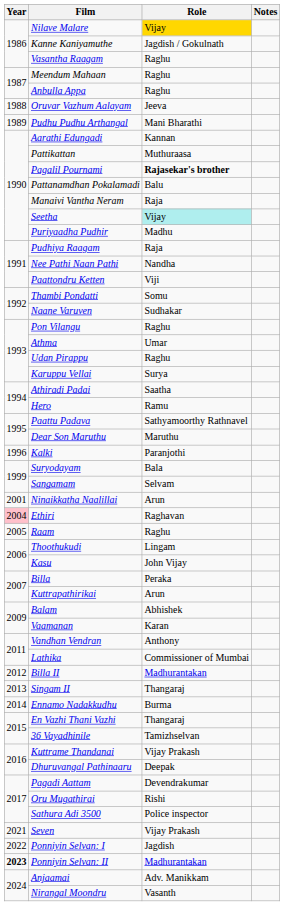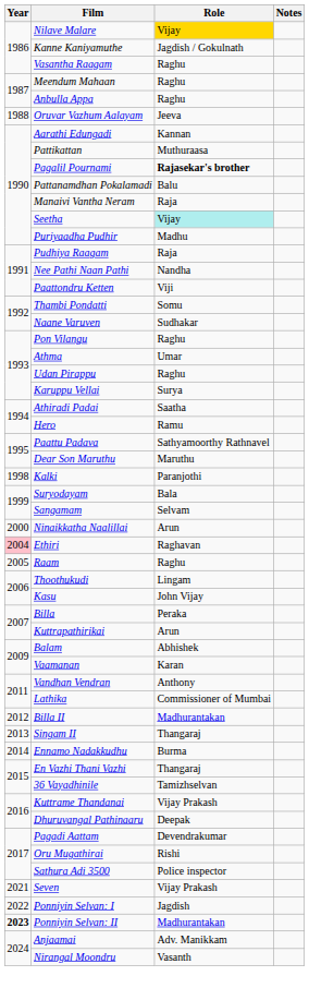 <table class="wikitable sortable">
 <tr style="background:#ccc; text-align:center;">
 <th scope="col">Year</th>
 <th scope="col">Film</th>
 <th scope="col">Role</th>
 <th scope="col" class="unsortable">Notes</th>
 </tr>
 <tr>
 <td rowspan="3">1986</td>
 <td><em><a href='#'>Nilave Malare</a></em></td>
 <td style="background: gold;">Vijay</td>
 <td></td>
 </tr>
 <tr>
 <td><em>Kanne Kaniyamuthe</em></td>
 <td>Jagdish / Gokulnath</td>
 <td></td>
 </tr>
 <tr>
 <td><em><a href='#'>Vasantha Raagam</a></em></td>
 <td>Raghu</td>
 <td></td>
 </tr>
 <tr>
 <td rowspan="2">1987</td>
 <td><em>Meendum Mahaan</em></td>
 <td>Raghu</td>
 <td></td>
 </tr>
 <tr>
 <td><em><a href='#'>Anbulla Appa</a></em></td>
 <td>Raghu</td>
 <td></td>
 </tr>
 <tr>
 <td rowspan="1">1988</td>
 <td><em><a href='#'>Oruvar Vazhum Aalayam</a></em></td>
 <td>Jeeva</td>
-<td></td>
-</tr>
-<tr>
-<td rowspan="1">1989</td>
-<td><em><a href='#'>Pudhu Pudhu Arthangal</a></em></td>
-<td>Mani Bharathi</td>
 <td></td>
 </tr>
 <tr>
 <td rowspan="7">1990</td>
 <td><em><a href='#'>Aarathi Edungadi</a></em></td>
 <td>Kannan</td>
 <td></td>
 </tr>
 <tr>
 <td><em>Pattikattan</em></td>
 <td>Muthuraasa</td>
 <td></td>
 </tr>
 <tr>
 <td><em><a href='#'>Pagalil Pournami</a></em></td>
 <td><strong>Rajasekar's brother</strong></td>
 <td></td>
 </tr>
 <tr>
 <td><em>Pattanamdhan Pokalamadi</em></td>
 <td>Balu</td>
 <td></td>
 </tr>
 <tr>
 <td><em>Manaivi Vantha Neram</em></td>
 <td>Raja</td>
 <td></td>
 </tr>
 <tr>
 <td><em><a href='#'>Seetha</a></em></td>
 <td style="background: paleturquoise;">Vijay</td>
 <td></td>
 </tr>
 <tr>
 <td><em><a href='#'>Puriyaadha Pudhir</a></em></td>
 <td>Madhu</td>
 <td></td>
 </tr>
 <tr>
 <td rowspan="3">1991</td>
 <td><em><a href='#'>Pudhiya Raagam</a></em></td>
 <td>Raja</td>
 <td></td>
 </tr>
 <tr>
 <td><em><a href='#'>Nee Pathi Naan Pathi</a></em></td>
 <td>Nandha</td>
 <td></td>
 </tr>
 <tr>
 <td><em><a href='#'>Paattondru Ketten</a></em></td>
 <td>Viji</td>
 <td></td>
 </tr>
 <tr>
 <td rowspan="2">1992</td>
 <td><em><a href='#'>Thambi Pondatti</a></em></td>
 <td>Somu</td>
 <td></td>
 </tr>
 <tr>
 <td><em><a href='#'>Naane Varuven</a></em></td>
 <td>Sudhakar</td>
 <td></td>
 </tr>
 <tr>
 <td rowspan="4">1993</td>
 <td><em><a href='#'>Pon Vilangu</a></em></td>
 <td>Raghu</td>
 <td></td>
 </tr>
 <tr>
 <td><em><a href='#'>Athma</a></em></td>
 <td>Umar</td>
 <td></td>
 </tr>
 <tr>
 <td><em><a href='#'>Udan Pirappu</a></em></td>
 <td>Raghu</td>
 <td></td>
 </tr>
 <tr>
 <td><em><a href='#'>Karuppu Vellai</a></em></td>
 <td>Surya</td>
 <td></td>
 </tr>
 <tr>
 <td rowspan="2">1994</td>
 <td><em><a href='#'>Athiradi Padai</a></em></td>
 <td>Saatha</td>
 <td></td>
 </tr>
 <tr>
 <td><em><a href='#'>Hero</a></em></td>
 <td>Ramu</td>
 <td></td>
 </tr>
 <tr>
 <td rowspan="2">1995</td>
 <td><em><a href='#'>Paattu Padava</a></em></td>
 <td>Sathyamoorthy Rathnavel</td>
 <td></td>
 </tr>
 <tr>
 <td><em><a href='#'>Dear Son Maruthu</a></em></td>
 <td>Maruthu</td>
 <td></td>
 </tr>
 <tr>
-<td rowspan="1">1996</td>
+<td rowspan="1">1998</td>
 <td><em><a href='#'>Kalki</a></em></td>
 <td>Paranjothi</td>
 <td></td>
 </tr>
 <tr>
 <td rowspan="2">1999</td>
 <td><em><a href='#'>Suryodayam</a></em></td>
 <td>Bala</td>
 <td></td>
 </tr>
 <tr>
 <td><em><a href='#'>Sangamam</a></em></td>
 <td>Selvam</td>
 <td></td>
 </tr>
 <tr>
-<td rowspan="1">2001</td>
+<td rowspan="1">2000</td>
 <td><em><a href='#'>Ninaikkatha Naalillai</a></em></td>
 <td>Arun</td>
 <td></td>
 </tr>
 <tr>
 <td rowspan="1" style="background: pink;">2004</td>
 <td><em><a href='#'>Ethiri</a></em></td>
 <td>Raghavan</td>
 <td></td>
 </tr>
 <tr>
 <td rowspan="1">2005</td>
 <td><em><a href='#'>Raam</a></em></td>
 <td>Raghu</td>
 <td></td>
 </tr>
 <tr>
 <td rowspan="2">2006</td>
 <td><em><a href='#'>Thoothukudi</a></em></td>
 <td>Lingam</td>
 <td></td>
 </tr>
 <tr>
 <td><em><a href='#'>Kasu</a></em></td>
 <td>John Vijay</td>
 <td></td>
 </tr>
 <tr>
 <td rowspan="2">2007</td>
 <td><em><a href='#'>Billa</a></em></td>
 <td>Peraka</td>
 <td></td>
 </tr>
 <tr>
 <td><em><a href='#'>Kuttrapathirikai</a></em></td>
 <td>Arun</td>
 <td></td>
 </tr>
 <tr>
 <td rowspan="2">2009</td>
 <td><em><a href='#'>Balam</a></em></td>
 <td>Abhishek</td>
 <td></td>
 </tr>
 <tr>
 <td><em><a href='#'>Vaamanan</a></em></td>
 <td>Karan</td>
 <td></td>
 </tr>
 <tr>
 <td rowspan="2">2011</td>
 <td><em><a href='#'>Vandhan Vendran</a></em></td>
 <td>Anthony</td>
 <td></td>
 </tr>
 <tr>
 <td><em><a href='#'>Lathika</a></em></td>
 <td>Commissioner of Mumbai</td>
 <td></td>
 </tr>
 <tr>
 <td rowspan="1">2012</td>
 <td><em><a href='#'>Billa II</a></em></td>
 <td><a href='#'>Madhurantakan</a></td>
 <td></td>
 </tr>
 <tr>
 <td rowspan="1">2013</td>
 <td><em><a href='#'>Singam II</a></em></td>
 <td>Thangaraj</td>
 <td></td>
 </tr>
 <tr>
 <td rowspan="1">2014</td>
 <td><em><a href='#'>Ennamo Nadakkudhu</a></em></td>
 <td>Burma</td>
 <td></td>
 </tr>
 <tr>
 <td rowspan="2">2015</td>
 <td><em><a href='#'>En Vazhi Thani Vazhi</a></em></td>
 <td>Thangaraj</td>
 <td></td>
 </tr>
 <tr>
 <td><em><a href='#'>36 Vayadhinile</a></em></td>
 <td>Tamizhselvan</td>
 <td></td>
 </tr>
 <tr>
 <td rowspan="2">2016</td>
 <td><em><a href='#'>Kuttrame Thandanai</a></em></td>
 <td>Vijay Prakash</td>
 <td></td>
 </tr>
 <tr>
 <td><em><a href='#'>Dhuruvangal Pathinaaru</a></em></td>
 <td>Deepak</td>
 <td></td>
 </tr>
 <tr>
 <td rowspan="3">2017</td>
 <td><em><a href='#'>Pagadi Aattam</a></em></td>
 <td>Devendrakumar</td>
 <td></td>
 </tr>
 <tr>
 <td><em><a href='#'>Oru Mugathirai</a></em></td>
 <td>Rishi</td>
 <td></td>
 </tr>
 <tr>
 <td><em><a href='#'>Sathura Adi 3500</a></em></td>
 <td>Police inspector</td>
 <td></td>
 </tr>
 <tr>
 <td>2021</td>
 <td><em><a href='#'>Seven</a></em></td>
 <td>Vijay Prakash</td>
 <td></td>
 </tr>
 <tr>
 <td>2022</td>
 <td><em><a href='#'>Ponniyin Selvan: I</a></em></td>
 <td>Jagdish</td>
 <td></td>
 </tr>
 <tr>
 <td><strong>2023</strong></td>
 <td><em><a href='#'>Ponniyin Selvan: II</a></em></td>
 <td><a href='#'>Madhurantakan</a></td>
 <td></td>
 </tr>
 <tr>
 <td rowspan="2">2024</td>
 <td><em><a href='#'>Anjaamai</a></em></td>
 <td>Adv. Manikkam</td>
 <td></td>
 </tr>
 <tr>
 <td><em><a href='#'>Nirangal Moondru</a></em></td>
 <td>Vasanth</td>
 <td><br>   </td>
 </tr>
 </table>
